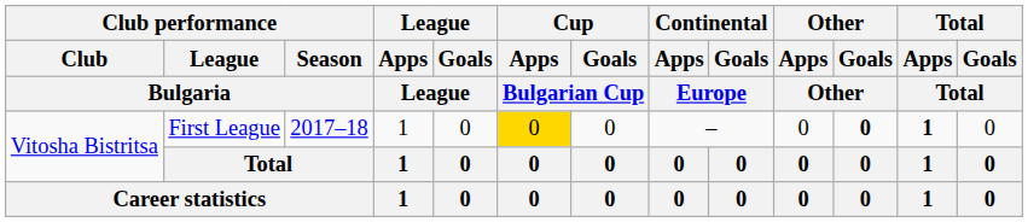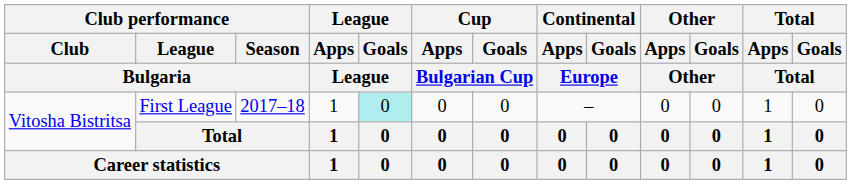 <table class="wikitable" style="text-align: center">
 <tr>
 <th Colspan="3">Club performance</th>
 <th Colspan="2">League</th>
 <th Colspan="2">Cup</th>
 <th Colspan="2">Continental</th>
 <th Colspan="2">Other</th>
 <th Colspan="3">Total</th>
 </tr>
 <tr>
 <th>Club</th>
 <th>League</th>
 <th>Season</th>
 <th>Apps</th>
 <th>Goals</th>
 <th>Apps</th>
 <th>Goals</th>
 <th>Apps</th>
 <th>Goals</th>
 <th>Apps</th>
 <th>Goals</th>
 <th>Apps</th>
 <th>Goals</th>
 </tr>
 <tr>
 <th Colspan="3">Bulgaria</th>
 <th Colspan="2">League</th>
 <th Colspan="2"><a href='#'>Bulgarian Cup</a></th>
 <th Colspan="2"><a href='#'>Europe</a></th>
 <th Colspan="2">Other</th>
 <th Colspan="2">Total</th>
 </tr>
 <tr>
 <td rowspan="2" valign="center"><a href='#'>Vitosha Bistritsa</a></td>
 <td rowspan="1"><a href='#'>First League</a></td>
 <td><a href='#'>2017–18</a></td>
 <td>1</td>
+<td style="background: paleturquoise;">0</td>
 <td>0</td>
-<td style="background: gold;">0</td>
 <td>0</td>
 <td colspan="2">–</td>
 <td>0</td>
-<td><strong>0</strong></td>
-<td><strong>1</strong></td>
+<td>0</td>
+<td>1</td>
 <td>0</td>
 </tr>
 <tr>
 <th colspan=2>Total</th>
 <th>1</th>
 <th>0</th>
 <th>0</th>
 <th>0</th>
 <th>0</th>
 <th>0</th>
 <th>0</th>
 <th>0</th>
 <th>1</th>
 <th>0</th>
 </tr>
 <tr>
 <th colspan="3">Career statistics</th>
 <th>1</th>
 <th>0</th>
 <th>0</th>
 <th>0</th>
 <th>0</th>
 <th>0</th>
 <th>0</th>
 <th>0</th>
 <th>1</th>
 <th>0</th>
 </tr>
 </table>
